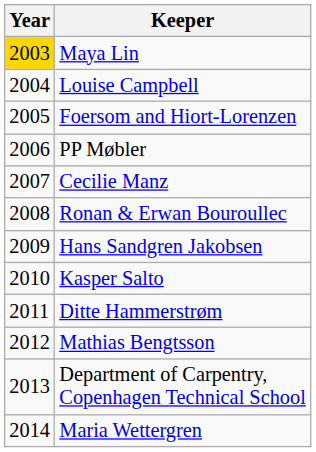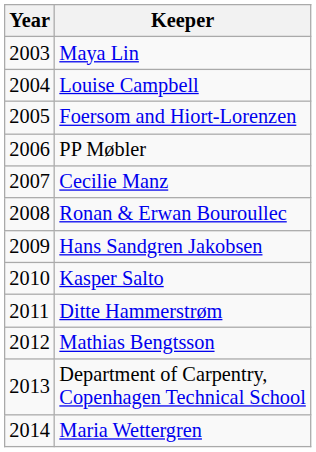 <table class="wikitable">
 <tr>
 <th>Year</th>
 <th>Keeper</th>
 </tr>
 <tr>
-<td style="background: gold;">2003</td>
+<td>2003</td>
 <td><a href='#'>Maya Lin</a></td>
 </tr>
 <tr>
 <td>2004</td>
 <td><a href='#'>Louise Campbell</a></td>
 </tr>
 <tr>
 <td>2005</td>
 <td><a href='#'>Foersom and Hiort-Lorenzen</a></td>
 </tr>
 <tr>
 <td>2006</td>
 <td>PP Møbler</td>
 </tr>
 <tr>
 <td>2007</td>
 <td><a href='#'>Cecilie Manz</a></td>
 </tr>
 <tr>
 <td>2008</td>
 <td><a href='#'>Ronan & Erwan Bouroullec</a></td>
 </tr>
 <tr>
 <td>2009</td>
 <td><a href='#'>Hans Sandgren Jakobsen</a></td>
 </tr>
 <tr>
 <td>2010</td>
 <td><a href='#'>Kasper Salto</a></td>
 </tr>
 <tr>
 <td>2011</td>
 <td><a href='#'>Ditte Hammerstrøm</a></td>
 </tr>
 <tr>
 <td>2012</td>
 <td><a href='#'>Mathias Bengtsson</a></td>
 </tr>
 <tr>
 <td>2013</td>
 <td>Department of Carpentry, <br> <a href='#'>Copenhagen Technical School</a></td>
 </tr>
 <tr>
 <td>2014</td>
 <td><a href='#'>Maria Wettergren</a></td>
 </tr>
 </table>
